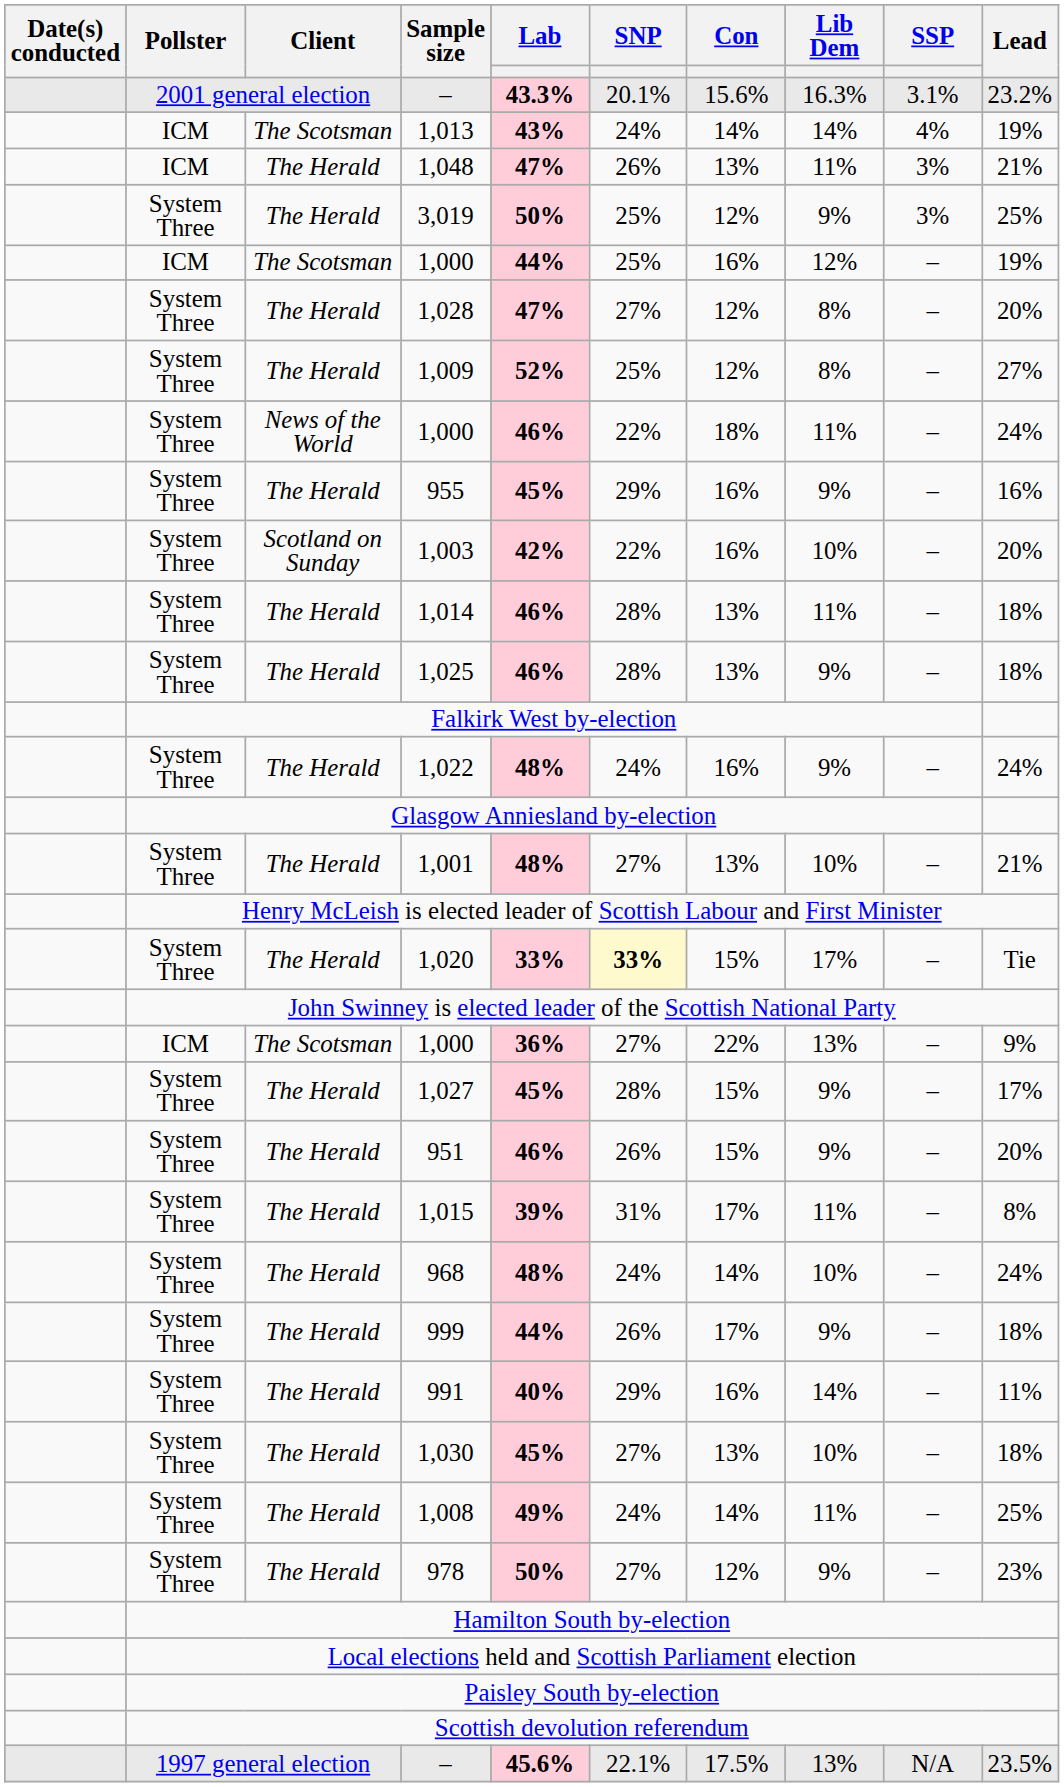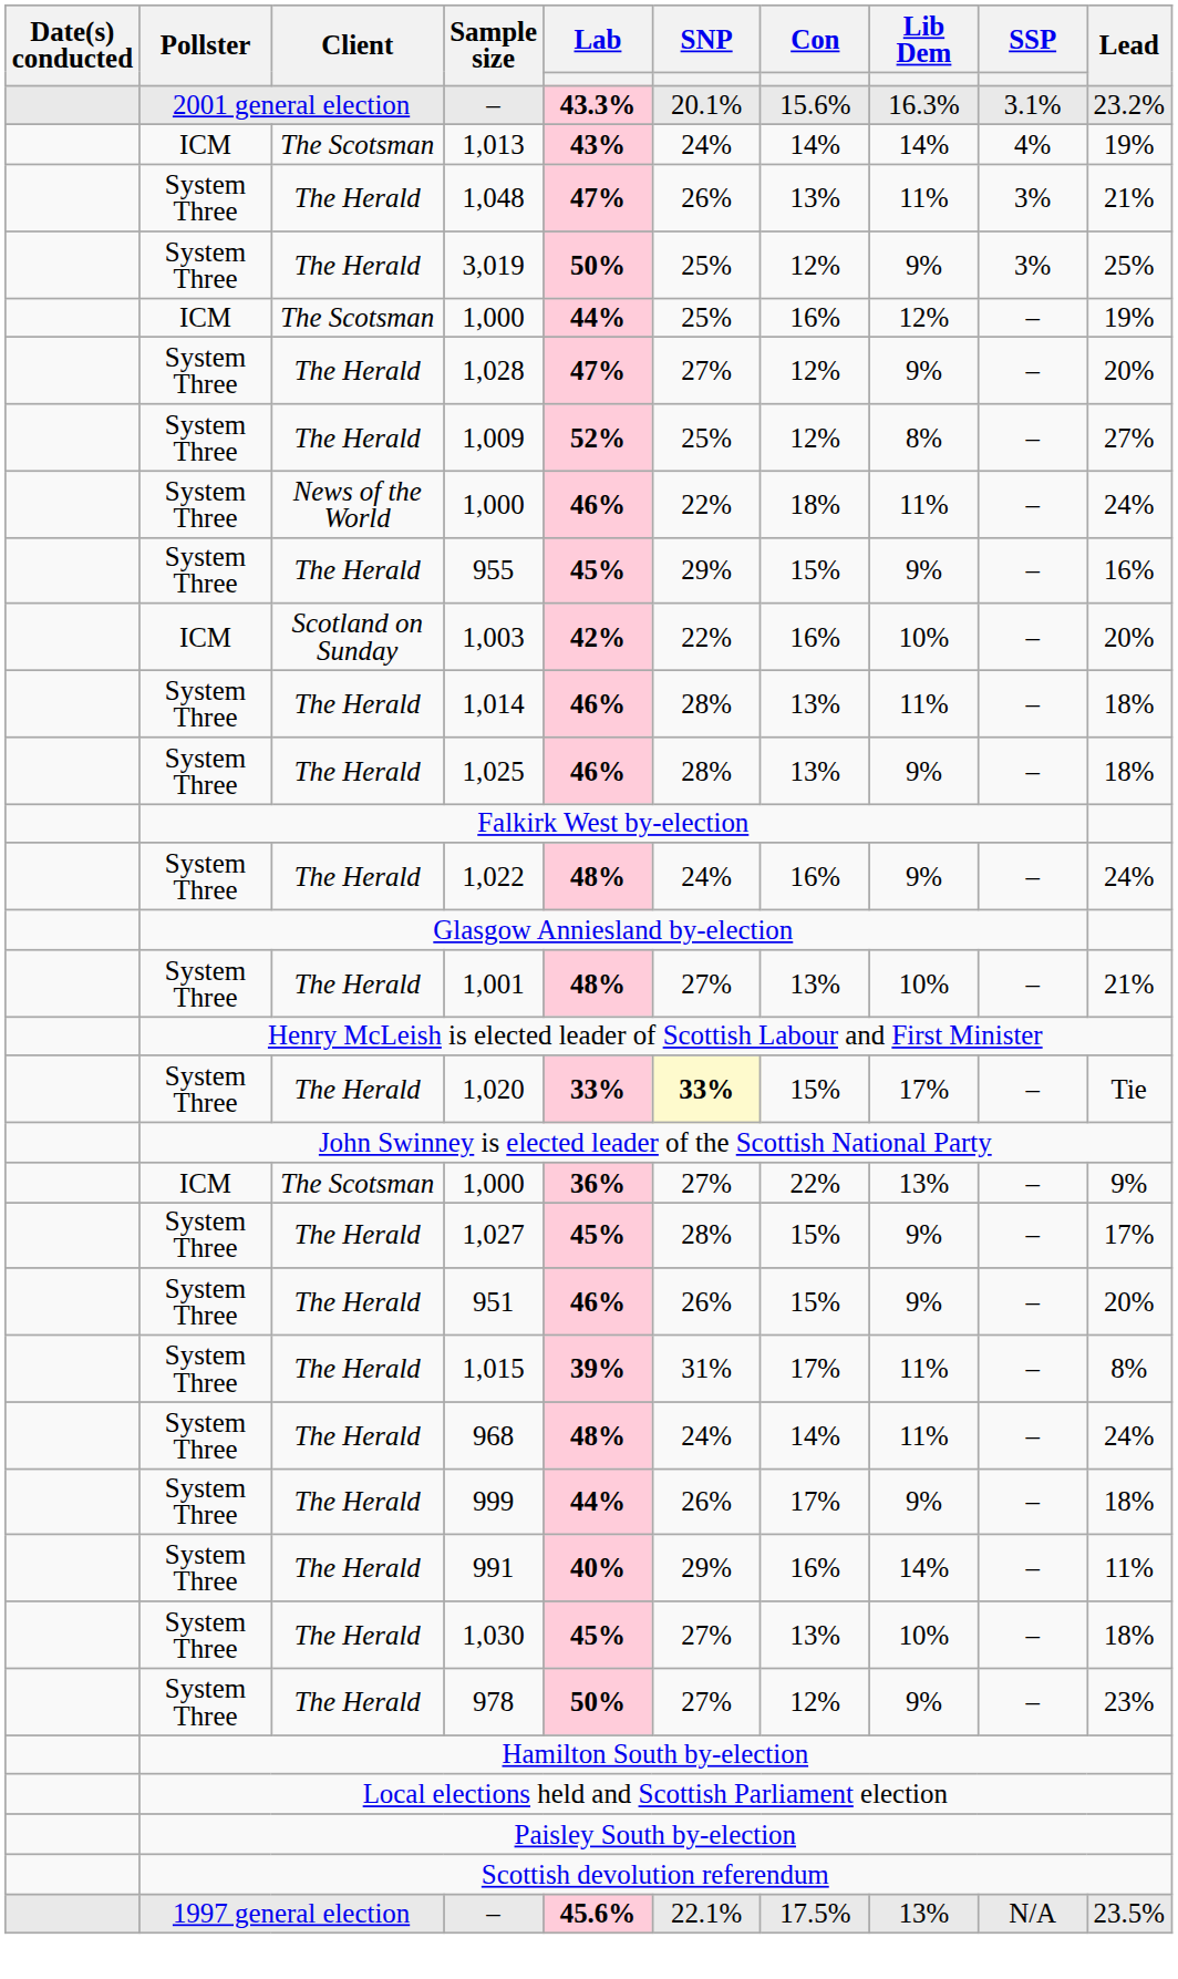 <table class="wikitable sortable mw-datatable" style="text-align:center;font-size:90%;line-height:14px;">
 <tr>
 <th rowspan="2">Date(s)<br>conducted</th>
 <th rowspan="2">Pollster</th>
 <th rowspan="2">Client</th>
 <th rowspan="2" data-sort-type="number">Sample<br>size</th>
 <th class="unsortable" style="width:50px;"><a href='#'>Lab</a></th>
 <th class="unsortable" style="width:50px;"><a href='#'>SNP</a></th>
 <th class="unsortable" style="width:50px;"><a href='#'>Con</a></th>
 <th class="unsortable" style="width:50px;"><a href='#'>Lib Dem</a></th>
 <th class="unsortable" style="width:50px;"><a href='#'>SSP</a></th>
 <th rowspan="2" data-sort-type="number">Lead</th>
 </tr>
 <tr>
 <th data-sort-type="number" style="background:"></th>
 <th data-sort-type="number" style="background:"></th>
 <th data-sort-type="number" style="background:"></th>
 <th data-sort-type="number" style="background:"></th>
 <th data-sort-type="number" style="background:"></th>
 </tr>
 <tr style="background:#E9E9E9;">
 <td></td>
 <td colspan="2"><a href='#'>2001 general election</a></td>
 <td>–</td>
 <td style="background:#FFCCDA;"><strong>43.3%</strong></td>
 <td>20.1%</td>
 <td>15.6%</td>
 <td>16.3%</td>
 <td>3.1%</td>
 <td style="background:">23.2%</td>
 </tr>
 <tr>
 <td></td>
 <td>ICM</td>
 <td><em>The Scotsman</em></td>
 <td>1,013</td>
 <td style="background:#FFCCDA;"><strong>43%</strong></td>
 <td>24%</td>
 <td>14%</td>
 <td>14%</td>
 <td>4%</td>
 <td style="background:">19%</td>
 </tr>
 <tr>
 <td></td>
-<td>ICM</td>
+<td>System Three</td>
 <td><em>The Herald</em></td>
 <td>1,048</td>
 <td style="background:#FFCCDA;"><strong>47%</strong></td>
 <td>26%</td>
 <td>13%</td>
 <td>11%</td>
 <td>3%</td>
 <td style="background:">21%</td>
 </tr>
 <tr>
 <td></td>
 <td>System Three</td>
 <td><em>The Herald</em></td>
 <td>3,019</td>
 <td style="background:#FFCCDA;"><strong>50%</strong></td>
 <td>25%</td>
 <td>12%</td>
 <td>9%</td>
 <td>3%</td>
 <td style="background:">25%</td>
 </tr>
 <tr>
 <td></td>
 <td>ICM</td>
 <td><em>The Scotsman</em></td>
 <td>1,000</td>
 <td style="background:#FFCCDA;"><strong>44%</strong></td>
 <td>25%</td>
 <td>16%</td>
 <td>12%</td>
 <td>–</td>
 <td style="background:">19%</td>
 </tr>
 <tr>
 <td></td>
 <td>System Three</td>
 <td><em>The Herald</em></td>
 <td>1,028</td>
 <td style="background:#FFCCDA;"><strong>47%</strong></td>
 <td>27%</td>
 <td>12%</td>
-<td>8%</td>
+<td>9%</td>
 <td>–</td>
 <td style="background:">20%</td>
 </tr>
 <tr>
 <td></td>
 <td>System Three</td>
 <td><em>The Herald</em></td>
 <td>1,009</td>
 <td style="background:#FFCCDA;"><strong>52%</strong></td>
 <td>25%</td>
 <td>12%</td>
 <td>8%</td>
 <td>–</td>
 <td style="background:">27%</td>
 </tr>
 <tr>
 <td></td>
 <td>System Three</td>
 <td><em>News of the World</em></td>
 <td>1,000</td>
 <td style="background:#FFCCDA;"><strong>46%</strong></td>
 <td>22%</td>
 <td>18%</td>
 <td>11%</td>
 <td>–</td>
 <td style="background:">24%</td>
 </tr>
 <tr>
 <td></td>
 <td>System Three</td>
 <td><em>The Herald</em></td>
 <td>955</td>
 <td style="background:#FFCCDA;"><strong>45%</strong></td>
 <td>29%</td>
-<td>16%</td>
+<td>15%</td>
 <td>9%</td>
 <td>–</td>
 <td style="background:">16%</td>
 </tr>
 <tr>
 <td></td>
-<td>System Three</td>
+<td>ICM</td>
 <td><em>Scotland on Sunday</em></td>
 <td>1,003</td>
 <td style="background:#FFCCDA;"><strong>42%</strong></td>
 <td>22%</td>
 <td>16%</td>
 <td>10%</td>
 <td>–</td>
 <td style="background:">20%</td>
 </tr>
 <tr>
 <td></td>
 <td>System Three</td>
 <td><em>The Herald</em></td>
 <td>1,014</td>
 <td style="background:#FFCCDA;"><strong>46%</strong></td>
 <td>28%</td>
 <td>13%</td>
 <td>11%</td>
 <td>–</td>
 <td style="background:">18%</td>
 </tr>
 <tr>
 <td></td>
 <td>System Three</td>
 <td><em>The Herald</em></td>
 <td>1,025</td>
 <td style="background:#FFCCDA;"><strong>46%</strong></td>
 <td>28%</td>
 <td>13%</td>
 <td>9%</td>
 <td>–</td>
 <td style="background:">18%</td>
 </tr>
 <tr>
 <td></td>
 <td colspan=8><a href='#'>Falkirk West by-election</a></td>
 </tr>
 <tr>
 <td></td>
 <td>System Three</td>
 <td><em>The Herald</em></td>
 <td>1,022</td>
 <td style="background:#FFCCDA;"><strong>48%</strong></td>
 <td>24%</td>
 <td>16%</td>
 <td>9%</td>
 <td>–</td>
 <td style="background:">24%</td>
 </tr>
 <tr>
 <td></td>
 <td colspan=8><a href='#'>Glasgow Anniesland by-election</a></td>
 </tr>
 <tr>
 <td></td>
 <td>System Three</td>
 <td><em>The Herald</em></td>
 <td>1,001</td>
 <td style="background:#FFCCDA;"><strong>48%</strong></td>
 <td>27%</td>
 <td>13%</td>
 <td>10%</td>
 <td>–</td>
 <td style="background:">21%</td>
 </tr>
 <tr>
 <td></td>
 <td colspan=9><a href='#'>Henry McLeish</a> is elected leader of <a href='#'>Scottish Labour</a> and <a href='#'>First Minister</a></td>
 </tr>
 <tr>
 <td></td>
 <td>System Three</td>
 <td><em>The Herald</em></td>
 <td>1,020</td>
 <td style="background:#FFCCDA;"><strong>33%</strong></td>
 <td style="background:#FEFACD;"><strong>33%</strong></td>
 <td>15%</td>
 <td>17%</td>
 <td>–</td>
 <td>Tie</td>
 </tr>
 <tr>
 <td></td>
 <td colspan=9><a href='#'>John Swinney</a> is <a href='#'>elected leader</a> of the <a href='#'>Scottish National Party</a></td>
 </tr>
 <tr>
 <td></td>
 <td>ICM</td>
 <td><em>The Scotsman</em></td>
 <td>1,000</td>
 <td style="background:#FFCCDA;"><strong>36%</strong></td>
 <td>27%</td>
 <td>22%</td>
 <td>13%</td>
 <td>–</td>
 <td style="background:">9%</td>
 </tr>
 <tr>
 <td></td>
 <td>System Three</td>
 <td><em>The Herald</em></td>
 <td>1,027</td>
 <td style="background:#FFCCDA;"><strong>45%</strong></td>
 <td>28%</td>
 <td>15%</td>
 <td>9%</td>
 <td>–</td>
 <td style="background:">17%</td>
 </tr>
 <tr>
 <td></td>
 <td>System Three</td>
 <td><em>The Herald</em></td>
 <td>951</td>
 <td style="background:#FFCCDA;"><strong>46%</strong></td>
 <td>26%</td>
 <td>15%</td>
 <td>9%</td>
 <td>–</td>
 <td style="background:">20%</td>
 </tr>
 <tr>
 <td></td>
 <td>System Three</td>
 <td><em>The Herald</em></td>
 <td>1,015</td>
 <td style="background:#FFCCDA;"><strong>39%</strong></td>
 <td>31%</td>
 <td>17%</td>
 <td>11%</td>
 <td>–</td>
 <td style="background:">8%</td>
 </tr>
 <tr>
 <td></td>
 <td>System Three</td>
 <td><em>The Herald</em></td>
 <td>968</td>
 <td style="background:#FFCCDA;"><strong>48%</strong></td>
 <td>24%</td>
 <td>14%</td>
-<td>10%</td>
+<td>11%</td>
 <td>–</td>
 <td style="background:">24%</td>
 </tr>
 <tr>
 <td></td>
 <td>System Three</td>
 <td><em>The Herald</em></td>
 <td>999</td>
 <td style="background:#FFCCDA;"><strong>44%</strong></td>
 <td>26%</td>
 <td>17%</td>
 <td>9%</td>
 <td>–</td>
 <td style="background:">18%</td>
 </tr>
 <tr>
 <td></td>
 <td>System Three</td>
 <td><em>The Herald</em></td>
 <td>991</td>
 <td style="background:#FFCCDA;"><strong>40%</strong></td>
 <td>29%</td>
 <td>16%</td>
 <td>14%</td>
 <td>–</td>
 <td style="background:">11%</td>
 </tr>
 <tr>
 <td></td>
 <td>System Three</td>
 <td><em>The Herald</em></td>
 <td>1,030</td>
 <td style="background:#FFCCDA;"><strong>45%</strong></td>
 <td>27%</td>
 <td>13%</td>
 <td>10%</td>
 <td>–</td>
 <td style="background:">18%</td>
 </tr>
 <tr>
 <td></td>
 <td>System Three</td>
 <td><em>The Herald</em></td>
-<td>1,008</td>
-<td style="background:#FFCCDA;"><strong>49%</strong></td>
-<td>24%</td>
-<td>14%</td>
-<td>11%</td>
-<td>–</td>
-<td style="background:">25%</td>
-</tr>
-<tr>
-<td></td>
-<td>System Three</td>
-<td><em>The Herald</em></td>
 <td>978</td>
 <td style="background:#FFCCDA;"><strong>50%</strong></td>
 <td>27%</td>
 <td>12%</td>
 <td>9%</td>
 <td>–</td>
 <td style="background:">23%</td>
 </tr>
 <tr>
 <td></td>
 <td colspan=9><a href='#'>Hamilton South by-election</a></td>
 </tr>
 <tr>
 <td></td>
 <td colspan="9"><a href='#'>Local elections</a> held and <a href='#'>Scottish Parliament</a> election</td>
 </tr>
 <tr>
 <td></td>
 <td colspan=9><a href='#'>Paisley South by-election</a></td>
 </tr>
 <tr>
 <td></td>
 <td colspan="9"><a href='#'>Scottish devolution referendum</a></td>
 </tr>
 <tr style="background:#E9E9E9;">
 <td></td>
 <td colspan="2"><a href='#'>1997 general election</a></td>
 <td>–</td>
 <td style="background:#FFCCDA;"><strong>45.6%</strong></td>
 <td>22.1%</td>
 <td>17.5%</td>
 <td>13%</td>
 <td>N/A</td>
 <td style="background:">23.5%</td>
 </tr>
 </table>
